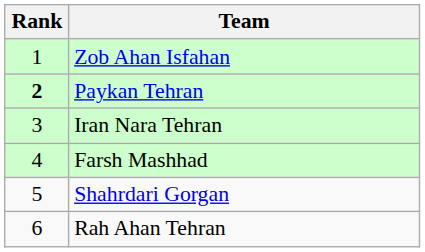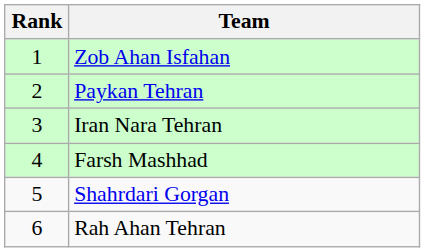 <table class="wikitable" style="text-align: center;">
 <tr>
 <th width=40>Rank</th>
 <th width=250>Team</th>
 </tr>
 <tr bgcolor=ccffcc>
 <td>1</td>
 <td align="left"><a href='#'>Zob Ahan Isfahan</a></td>
 </tr>
 <tr bgcolor=ccffcc>
-<td><strong>2</strong></td>
+<td>2</td>
 <td align="left"><a href='#'>Paykan Tehran</a></td>
 </tr>
 <tr bgcolor=ccffcc>
 <td>3</td>
 <td align="left">Iran Nara Tehran</td>
 </tr>
 <tr bgcolor=ccffcc>
 <td>4</td>
 <td align="left">Farsh Mashhad</td>
 </tr>
 <tr>
 <td>5</td>
 <td align="left"><a href='#'>Shahrdari Gorgan</a></td>
 </tr>
 <tr>
 <td>6</td>
 <td align="left">Rah Ahan Tehran</td>
 </tr>
 </table>
